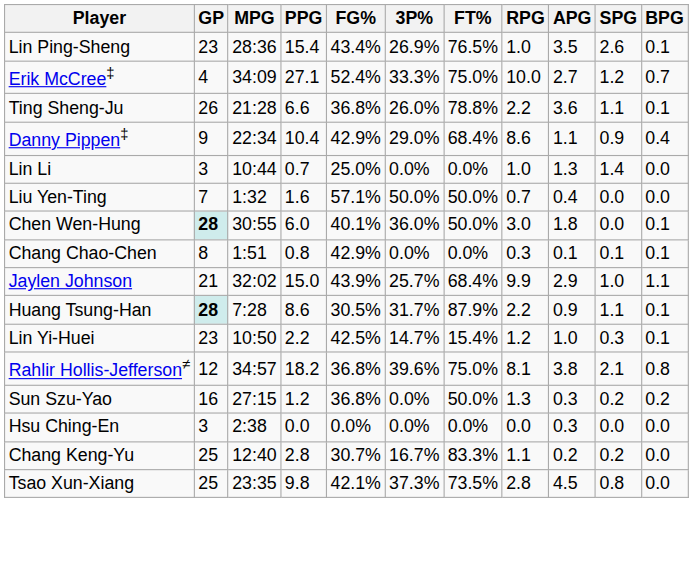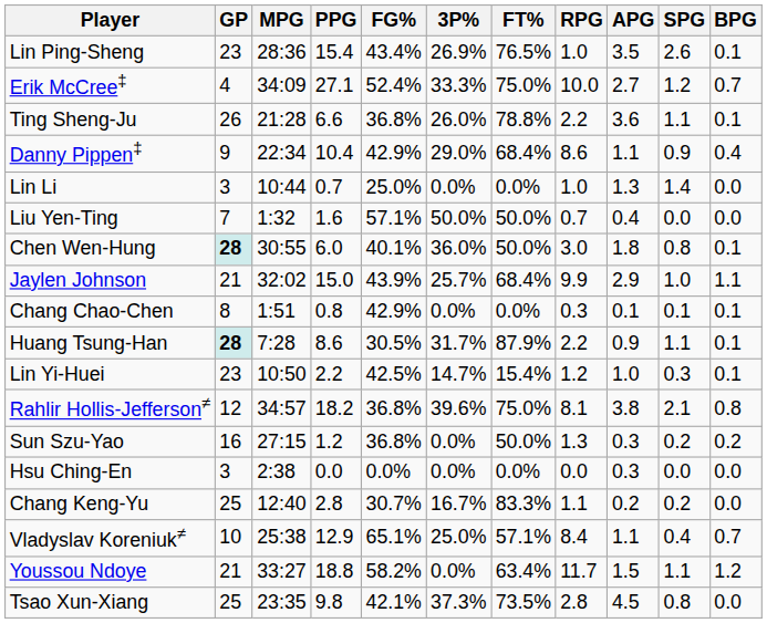 <table class="wikitable">
 <tr>
 <th>Player</th>
 <th>GP</th>
 <th>MPG</th>
 <th>PPG</th>
 <th>FG%</th>
 <th>3P%</th>
 <th>FT%</th>
 <th>RPG</th>
 <th>APG</th>
 <th>SPG</th>
 <th>BPG</th>
 </tr>
 <tr>
 <td>Lin Ping-Sheng</td>
 <td>23</td>
 <td>28:36</td>
 <td>15.4</td>
 <td>43.4%</td>
 <td>26.9%</td>
 <td>76.5%</td>
 <td>1.0</td>
 <td>3.5</td>
 <td>2.6</td>
 <td>0.1</td>
 </tr>
 <tr>
 <td><a href='#'>Erik McCree</a><sup>‡</sup></td>
 <td>4</td>
 <td>34:09</td>
 <td>27.1</td>
 <td>52.4%</td>
 <td>33.3%</td>
 <td>75.0%</td>
 <td>10.0</td>
 <td>2.7</td>
 <td>1.2</td>
 <td>0.7</td>
 </tr>
 <tr>
 <td>Ting Sheng-Ju</td>
 <td>26</td>
 <td>21:28</td>
 <td>6.6</td>
 <td>36.8%</td>
 <td>26.0%</td>
 <td>78.8%</td>
 <td>2.2</td>
 <td>3.6</td>
 <td>1.1</td>
 <td>0.1</td>
 </tr>
 <tr>
 <td><a href='#'>Danny Pippen</a><sup>‡</sup></td>
 <td>9</td>
 <td>22:34</td>
 <td>10.4</td>
 <td>42.9%</td>
 <td>29.0%</td>
 <td>68.4%</td>
 <td>8.6</td>
 <td>1.1</td>
 <td>0.9</td>
 <td>0.4</td>
 </tr>
 <tr>
 <td>Lin Li</td>
 <td>3</td>
 <td>10:44</td>
 <td>0.7</td>
 <td>25.0%</td>
 <td>0.0%</td>
 <td>0.0%</td>
 <td>1.0</td>
 <td>1.3</td>
 <td>1.4</td>
 <td>0.0</td>
 </tr>
 <tr>
 <td>Liu Yen-Ting</td>
 <td>7</td>
 <td>1:32</td>
 <td>1.6</td>
 <td>57.1%</td>
 <td>50.0%</td>
 <td>50.0%</td>
 <td>0.7</td>
 <td>0.4</td>
 <td>0.0</td>
 <td>0.0</td>
 </tr>
 <tr>
 <td>Chen Wen-Hung</td>
 <td style="background-color: #CFECEC"><strong>28</strong></td>
 <td>30:55</td>
 <td>6.0</td>
 <td>40.1%</td>
 <td>36.0%</td>
 <td>50.0%</td>
 <td>3.0</td>
 <td>1.8</td>
-<td>0.0</td>
-<td>0.1</td>
-</tr>
-<tr>
-<td>Chang Chao-Chen</td>
-<td>8</td>
-<td>1:51</td>
 <td>0.8</td>
-<td>42.9%</td>
-<td>0.0%</td>
-<td>0.0%</td>
-<td>0.3</td>
-<td>0.1</td>
-<td>0.1</td>
 <td>0.1</td>
 </tr>
 <tr>
 <td><a href='#'>Jaylen Johnson</a></td>
 <td>21</td>
 <td>32:02</td>
 <td>15.0</td>
 <td>43.9%</td>
 <td>25.7%</td>
 <td>68.4%</td>
 <td>9.9</td>
 <td>2.9</td>
 <td>1.0</td>
 <td>1.1</td>
+</tr>
+<tr>
+<td>Chang Chao-Chen</td>
+<td>8</td>
+<td>1:51</td>
+<td>0.8</td>
+<td>42.9%</td>
+<td>0.0%</td>
+<td>0.0%</td>
+<td>0.3</td>
+<td>0.1</td>
+<td>0.1</td>
+<td>0.1</td>
 </tr>
 <tr>
 <td>Huang Tsung-Han</td>
 <td style="background-color: #CFECEC"><strong>28</strong></td>
 <td>7:28</td>
 <td>8.6</td>
 <td>30.5%</td>
 <td>31.7%</td>
 <td>87.9%</td>
 <td>2.2</td>
 <td>0.9</td>
 <td>1.1</td>
 <td>0.1</td>
 </tr>
 <tr>
 <td>Lin Yi-Huei</td>
 <td>23</td>
 <td>10:50</td>
 <td>2.2</td>
 <td>42.5%</td>
 <td>14.7%</td>
 <td>15.4%</td>
 <td>1.2</td>
 <td>1.0</td>
 <td>0.3</td>
 <td>0.1</td>
 </tr>
 <tr>
 <td><a href='#'>Rahlir Hollis-Jefferson</a><sup>≠</sup></td>
 <td>12</td>
 <td>34:57</td>
 <td>18.2</td>
 <td>36.8%</td>
 <td>39.6%</td>
 <td>75.0%</td>
 <td>8.1</td>
 <td>3.8</td>
 <td>2.1</td>
 <td>0.8</td>
 </tr>
 <tr>
 <td>Sun Szu-Yao</td>
 <td>16</td>
 <td>27:15</td>
 <td>1.2</td>
 <td>36.8%</td>
 <td>0.0%</td>
 <td>50.0%</td>
 <td>1.3</td>
 <td>0.3</td>
 <td>0.2</td>
 <td>0.2</td>
 </tr>
 <tr>
 <td>Hsu Ching-En</td>
 <td>3</td>
 <td>2:38</td>
 <td>0.0</td>
 <td>0.0%</td>
 <td>0.0%</td>
 <td>0.0%</td>
 <td>0.0</td>
 <td>0.3</td>
 <td>0.0</td>
 <td>0.0</td>
 </tr>
 <tr>
 <td>Chang Keng-Yu</td>
 <td>25</td>
 <td>12:40</td>
 <td>2.8</td>
 <td>30.7%</td>
 <td>16.7%</td>
 <td>83.3%</td>
 <td>1.1</td>
 <td>0.2</td>
 <td>0.2</td>
 <td>0.0</td>
 </tr>
 <tr>
+<td>Vladyslav Koreniuk<sup>≠</sup></td>
+<td>10</td>
+<td>25:38</td>
+<td>12.9</td>
+<td>65.1%</td>
+<td>25.0%</td>
+<td>57.1%</td>
+<td>8.4</td>
+<td>1.1</td>
+<td>0.4</td>
+<td>0.7</td>
+</tr>
+<tr>
+<td><a href='#'>Youssou Ndoye</a></td>
+<td>21</td>
+<td>33:27</td>
+<td>18.8</td>
+<td>58.2%</td>
+<td>0.0%</td>
+<td>63.4%</td>
+<td>11.7</td>
+<td>1.5</td>
+<td>1.1</td>
+<td>1.2</td>
+</tr>
+<tr>
 <td>Tsao Xun-Xiang</td>
 <td>25</td>
 <td>23:35</td>
 <td>9.8</td>
 <td>42.1%</td>
 <td>37.3%</td>
 <td>73.5%</td>
 <td>2.8</td>
 <td>4.5</td>
 <td>0.8</td>
 <td>0.0</td>
 </tr>
 </table>
